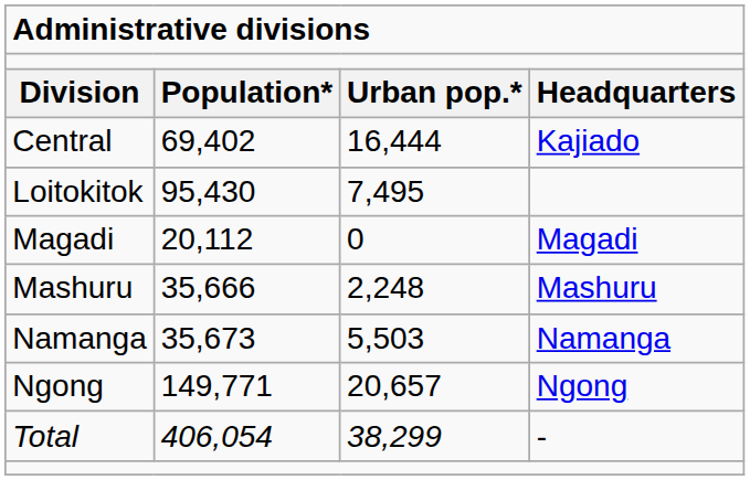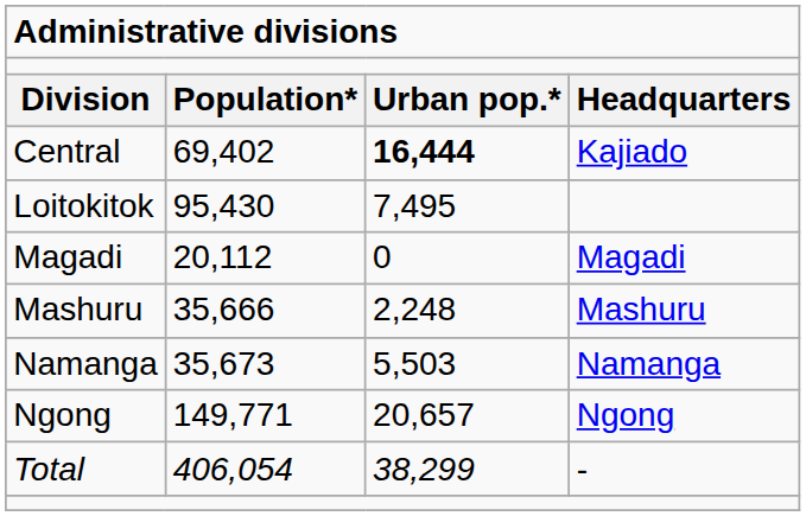 <table class="wikitable">
 <tr>
 <td colspan="4"><strong>Administrative divisions</strong></td>
 </tr>
 <tr>
 <td colspan="4"></td>
 </tr>
 <tr>
 <th>Division</th>
 <th>Population*</th>
 <th>Urban pop.*</th>
 <th>Headquarters</th>
 </tr>
 <tr>
 <td>Central</td>
 <td>69,402</td>
-<td>16,444</td>
+<td><strong>16,444</strong></td>
 <td><a href='#'>Kajiado</a></td>
 </tr>
 <tr>
 <td>Loitokitok</td>
 <td>95,430</td>
 <td>7,495</td>
 <td></td>
 </tr>
 <tr>
 <td>Magadi</td>
 <td>20,112</td>
 <td>0</td>
 <td><a href='#'>Magadi</a></td>
 </tr>
 <tr>
 <td>Mashuru</td>
 <td>35,666</td>
 <td>2,248</td>
 <td><a href='#'>Mashuru</a></td>
 </tr>
 <tr>
 <td>Namanga</td>
 <td>35,673</td>
 <td>5,503</td>
 <td><a href='#'>Namanga</a></td>
 </tr>
 <tr>
 <td>Ngong</td>
 <td>149,771</td>
 <td>20,657</td>
 <td><a href='#'>Ngong</a></td>
 </tr>
 <tr>
 <td><em>Total</em></td>
 <td><em>406,054</em></td>
 <td><em>38,299</em></td>
 <td>-</td>
 </tr>
 <tr>
 <td colspan="4"></td>
 </tr>
 </table>
